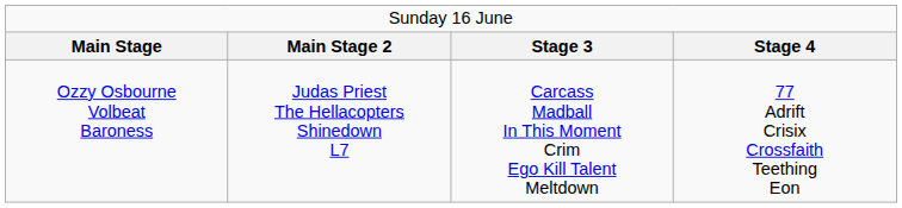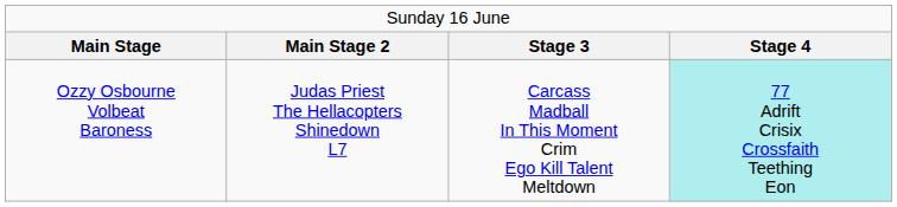 <table class="wikitable">
 <tr>
 <td colspan="4" style="text-align:center;">Sunday 16 June</td>
 </tr>
 <tr>
 <th>Main Stage</th>
 <th>Main Stage 2</th>
 <th>Stage 3</th>
 <th>Stage 4</th>
 </tr>
 <tr>
 <td style="text-align:center; vertical-align:top; width:200px;"><br><a href='#'>Ozzy Osbourne</a><br> <a href='#'>Volbeat</a> <br> <a href='#'>Baroness</a> <br></td>
 <td style="text-align:center; vertical-align:top; width:200px;"><br><a href='#'>Judas Priest</a> <br> <a href='#'>The Hellacopters</a> <br> <a href='#'>Shinedown</a> <br> <a href='#'>L7</a> <br></td>
 <td style="text-align:center; vertical-align:top; width:200px;"><br><a href='#'>Carcass</a><br> <a href='#'>Madball</a> <br> <a href='#'>In This Moment</a> <br> Crim <br> <a href='#'>Ego Kill Talent</a> <br> Meltdown <br></td>
-<td style="text-align:center; vertical-align:top; width:200px;"><br><a href='#'>77</a><br> Adrift <br> Crisix <br> <a href='#'>Crossfaith</a> <br> Teething <br> Eon <br></td>
+<td style="background: paleturquoise; text-align:center; vertical-align:top; width:200px;"><br><a href='#'>77</a><br> Adrift <br> Crisix <br> <a href='#'>Crossfaith</a> <br> Teething <br> Eon <br></td>
 </tr>
 </table>
